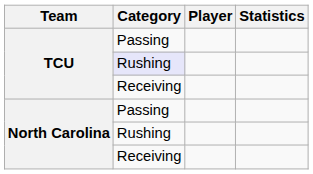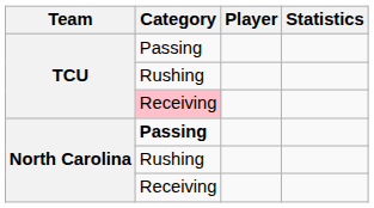 <table class="wikitable" style="float:right">
 <tr>
 <th>Team</th>
 <th>Category</th>
 <th>Player</th>
 <th>Statistics</th>
 </tr>
 <tr>
 <th rowspan=3>TCU</th>
 <td>Passing</td>
 <td></td>
 <td></td>
 </tr>
 <tr>
-<td style="background: lavender;">Rushing</td>
+<td>Rushing</td>
 <td></td>
 <td></td>
 </tr>
 <tr>
-<td>Receiving</td>
+<td style="background: pink;">Receiving</td>
 <td></td>
 <td></td>
 </tr>
 <tr>
 <th rowspan=3>North Carolina</th>
-<td>Passing</td>
+<td><strong>Passing</strong></td>
 <td></td>
 <td></td>
 </tr>
 <tr>
 <td>Rushing</td>
 <td></td>
 <td></td>
 </tr>
 <tr>
 <td>Receiving</td>
 <td></td>
 <td></td>
 </tr>
 </table>
